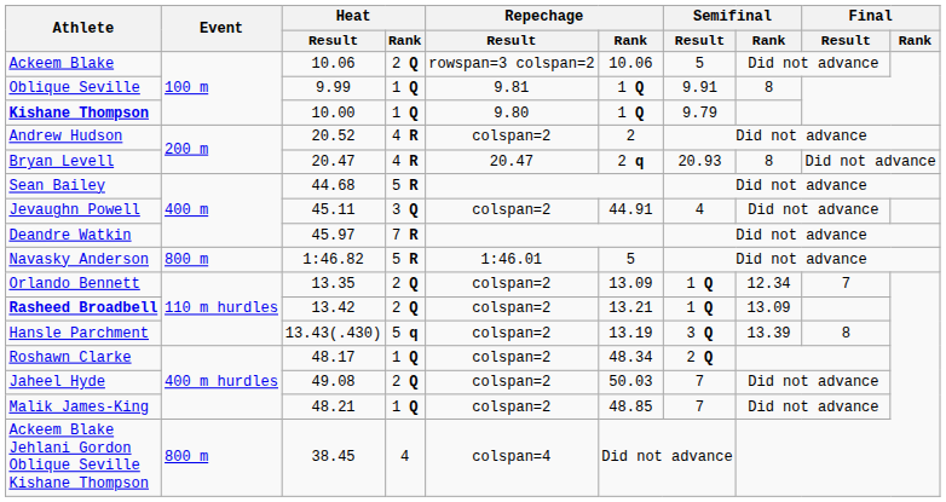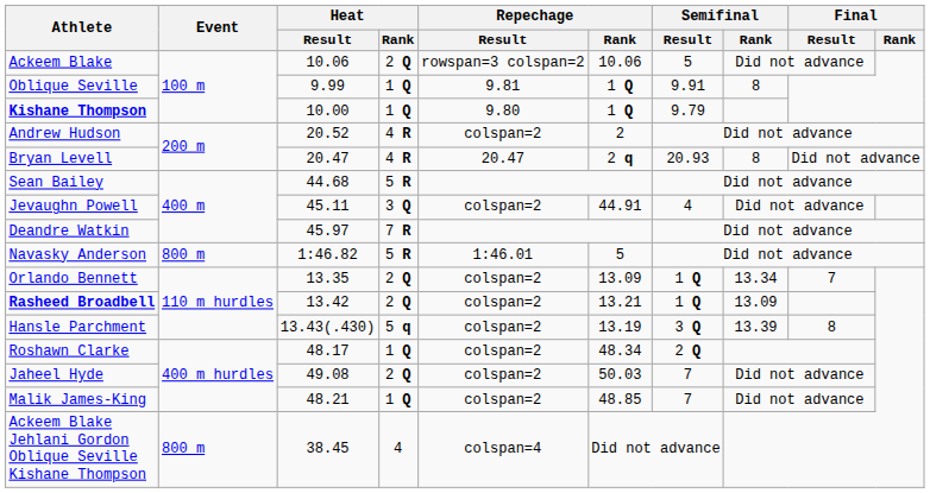 <table class="wikitable" style="font-size:90%">
 <tr>
 <th rowspan="2">Athlete</th>
 <th rowspan="2">Event</th>
 <th colspan="2">Heat</th>
 <th colspan="2">Repechage</th>
 <th colspan="2">Semifinal</th>
 <th colspan="2">Final</th>
 </tr>
 <tr style="font-size:95%">
 <th>Result</th>
 <th>Rank</th>
 <th>Result</th>
 <th>Rank</th>
 <th>Result</th>
 <th>Rank</th>
 <th>Result</th>
 <th>Rank</th>
 </tr>
 <tr align=center>
 <td align=left><a href='#'>Ackeem Blake</a></td>
 <td align=left rowspan=3><a href='#'>100 m</a></td>
 <td>10.06</td>
 <td>2 <strong>Q</strong></td>
 <td>rowspan=3 colspan=2 </td>
 <td>10.06</td>
 <td>5</td>
 <td colspan=2>Did not advance</td>
 </tr>
 <tr align=center>
 <td align=left><a href='#'>Oblique Seville</a></td>
 <td>9.99</td>
 <td>1 <strong>Q</strong></td>
 <td>9.81</td>
 <td>1 <strong>Q</strong></td>
 <td>9.91</td>
 <td>8</td>
 </tr>
 <tr align=center>
 <td align=left><strong><a href='#'>Kishane Thompson</a></strong></td>
 <td>10.00</td>
 <td>1 <strong>Q</strong></td>
 <td>9.80</td>
 <td>1 <strong>Q</strong></td>
 <td>9.79</td>
 <td></td>
 </tr>
 <tr align=center>
 <td align=left><a href='#'>Andrew Hudson</a></td>
 <td rowspan="2" align="left"><a href='#'>200 m</a></td>
 <td>20.52</td>
 <td>4 <strong>R</strong></td>
 <td>colspan=2 </td>
 <td>2</td>
 <td colspan=4>Did not advance</td>
 </tr>
 <tr align=center>
 <td align=left><a href='#'>Bryan Levell</a></td>
 <td>20.47</td>
 <td>4 <strong>R</strong></td>
 <td>20.47</td>
 <td>2 <strong>q</strong></td>
 <td>20.93</td>
 <td>8</td>
 <td colspan=2>Did not advance</td>
 </tr>
 <tr align="center">
 <td align="left"><a href='#'>Sean Bailey</a></td>
 <td rowspan="3" align="left"><a href='#'>400 m</a></td>
 <td>44.68</td>
 <td>5 <strong>R</strong></td>
 <td colspan=2></td>
 <td colspan=4>Did not advance</td>
 </tr>
 <tr align="center">
 <td align="left"><a href='#'>Jevaughn Powell</a></td>
 <td>45.11</td>
 <td>3 <strong>Q</strong></td>
 <td>colspan=2 </td>
 <td>44.91</td>
 <td>4</td>
 <td colspan=2>Did not advance</td>
 </tr>
 <tr align="center">
 <td align="left"><a href='#'>Deandre Watkin</a></td>
 <td>45.97</td>
 <td>7 <strong>R</strong></td>
 <td colspan=2></td>
 <td colspan=4>Did not advance</td>
 </tr>
 <tr align="center">
 <td align="left"><a href='#'>Navasky Anderson</a></td>
 <td align="left"><a href='#'>800 m</a></td>
 <td>1:46.82</td>
 <td>5 <strong>R</strong></td>
 <td>1:46.01</td>
 <td>5</td>
 <td colspan=4>Did not advance</td>
 </tr>
 <tr align="center">
 <td align="left"><a href='#'>Orlando Bennett</a></td>
 <td rowspan="3" align="left"><a href='#'>110 m hurdles</a></td>
 <td>13.35</td>
 <td>2 <strong>Q</strong></td>
 <td>colspan=2 </td>
 <td>13.09 <strong></strong></td>
 <td>1 <strong>Q</strong></td>
-<td>12.34</td>
+<td>13.34</td>
 <td>7</td>
 </tr>
 <tr align="center">
 <td align="left"><strong><a href='#'>Rasheed Broadbell</a></strong></td>
 <td>13.42</td>
 <td>2 <strong>Q</strong></td>
 <td>colspan=2 </td>
 <td>13.21</td>
 <td>1 <strong>Q</strong></td>
 <td>13.09 <strong></strong></td>
 <td></td>
 </tr>
 <tr align="center">
 <td align="left"><a href='#'>Hansle Parchment</a></td>
 <td>13.43(.430)</td>
 <td>5 <strong>q</strong></td>
 <td>colspan=2 </td>
 <td>13.19 <strong></strong></td>
 <td>3 <strong>Q</strong></td>
 <td>13.39</td>
 <td>8</td>
 </tr>
 <tr align="center">
 <td align="left"><a href='#'>Roshawn Clarke</a></td>
 <td rowspan="3" align="left"><a href='#'>400 m hurdles</a></td>
 <td>48.17</td>
 <td>1 <strong>Q</strong></td>
 <td>colspan=2 </td>
 <td>48.34</td>
 <td>2 <strong>Q</strong></td>
 <td colspan=2></td>
 </tr>
 <tr align="center">
 <td align="left"><a href='#'>Jaheel Hyde</a></td>
 <td>49.08</td>
 <td>2 <strong>Q</strong></td>
 <td>colspan=2 </td>
 <td>50.03</td>
 <td>7</td>
 <td colspan=2>Did not advance</td>
 </tr>
 <tr align="center">
 <td align="left"><a href='#'>Malik James-King</a></td>
 <td>48.21</td>
 <td>1 <strong>Q</strong></td>
 <td>colspan=2 </td>
 <td>48.85</td>
 <td>7</td>
 <td colspan=2>Did not advance</td>
 </tr>
 <tr align="center">
 <td align="left"><a href='#'>Ackeem Blake</a><br><a href='#'>Jehlani Gordon</a><br><a href='#'>Oblique Seville</a><br><a href='#'>Kishane Thompson</a><br></td>
 <td align="left"><a href='#'>800 m</a></td>
 <td>38.45 <strong></strong></td>
 <td>4</td>
 <td>colspan=4 </td>
 <td colspan=2>Did not advance</td>
 </tr>
 </table>
